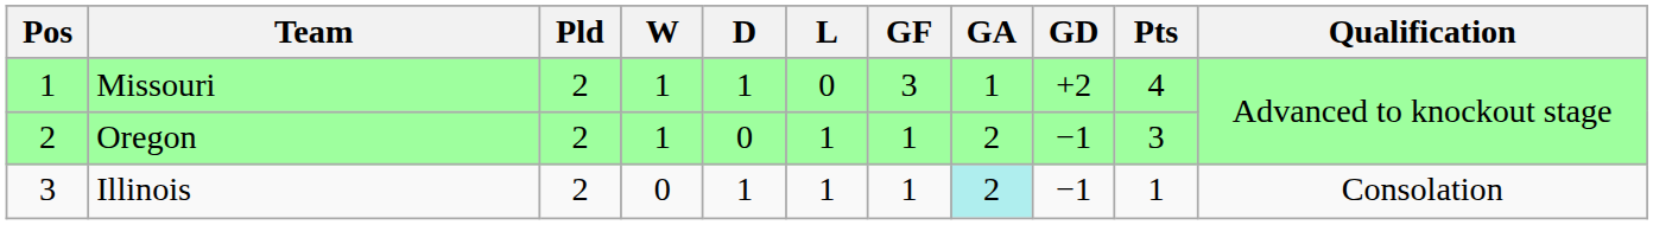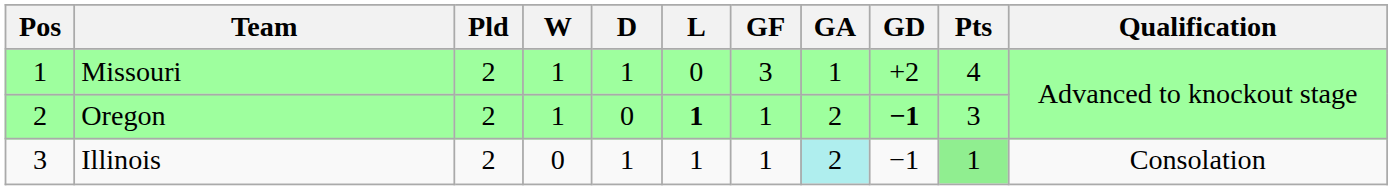 <table class="wikitable" style="text-align:center; margin: 1em auto">
 <tr>
 <th style="width:2em">Pos</th>
 <th style="width:13em">Team</th>
 <th style="width:2em">Pld</th>
 <th style="width:2em">W</th>
 <th style="width:2em">D</th>
 <th style="width:2em">L</th>
 <th style="width:2em">GF</th>
 <th style="width:2em">GA</th>
 <th style="width:2em">GD</th>
 <th style="width:2em">Pts</th>
 <th style="width:13em">Qualification</th>
 </tr>
 <tr bgcolor="#9eff9e">
 <td>1</td>
 <td style="text-align:left">Missouri</td>
 <td>2</td>
 <td>1</td>
 <td>1</td>
 <td>0</td>
 <td>3</td>
 <td>1</td>
 <td>+2</td>
 <td>4</td>
 <td rowspan="2">Advanced to knockout stage</td>
 </tr>
 <tr bgcolor="#9eff9e">
 <td>2</td>
 <td style="text-align:left">Oregon</td>
 <td>2</td>
 <td>1</td>
 <td>0</td>
-<td>1</td>
+<td><strong>1</strong></td>
 <td>1</td>
 <td>2</td>
-<td>−1</td>
+<td><strong>−1</strong></td>
 <td>3</td>
 </tr>
 <tr>
 <td>3</td>
 <td style="text-align:left">Illinois</td>
 <td>2</td>
 <td>0</td>
 <td>1</td>
 <td>1</td>
 <td>1</td>
 <td style="background: paleturquoise;">2</td>
 <td>−1</td>
-<td>1</td>
+<td style="background: lightgreen;">1</td>
 <td>Consolation</td>
 </tr>
 </table>
